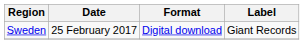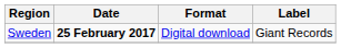 <table class=wikitable>
 <tr>
 <th>Region</th>
 <th>Date</th>
 <th>Format</th>
 <th>Label</th>
 </tr>
 <tr>
 <td><a href='#'>Sweden</a></td>
-<td>25 February 2017</td>
+<td><strong>25 February 2017</strong></td>
 <td><a href='#'>Digital download</a></td>
 <td>Giant Records</td>
 </tr>
 <tr>
 </tr>
 </table>
